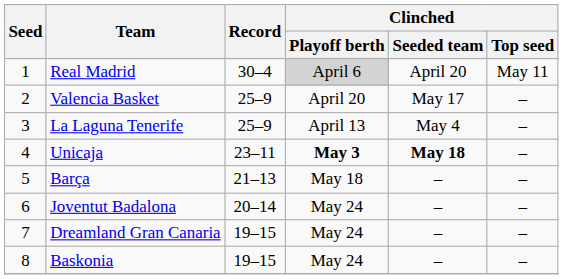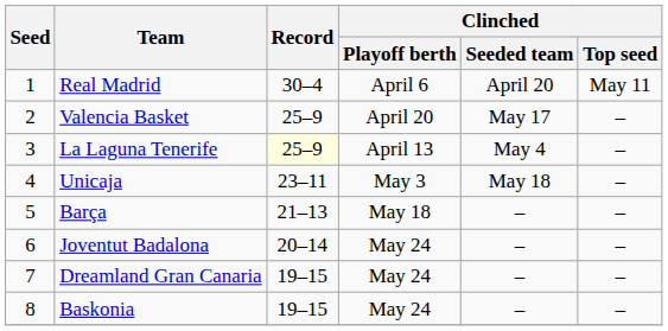 <table class="wikitable" style="text-align:center">
 <tr>
 <th rowspan="2">Seed</th>
 <th rowspan="2">Team</th>
 <th rowspan="2">Record</th>
 <th colspan="3">Clinched</th>
 </tr>
 <tr>
 <th>Playoff berth</th>
 <th>Seeded team</th>
 <th>Top seed</th>
 </tr>
 <tr>
 <td>1</td>
 <td style="text-align:left;"><a href='#'>Real Madrid</a></td>
 <td>30–4</td>
-<td style="background: lightgrey;">April 6</td>
+<td>April 6</td>
 <td>April 20</td>
 <td>May 11</td>
 </tr>
 <tr>
 <td>2</td>
 <td style="text-align:left;"><a href='#'>Valencia Basket</a></td>
 <td>25–9</td>
 <td>April 20</td>
 <td>May 17</td>
 <td>–</td>
 </tr>
 <tr>
 <td>3</td>
 <td style="text-align:left;"><a href='#'>La Laguna Tenerife</a></td>
-<td>25–9</td>
+<td style="background: lightyellow;">25–9</td>
 <td>April 13</td>
 <td>May 4</td>
 <td>–</td>
 </tr>
 <tr>
 <td>4</td>
 <td style="text-align:left;"><a href='#'>Unicaja</a></td>
 <td>23–11</td>
-<td><strong>May 3</strong></td>
-<td><strong>May 18</strong></td>
+<td>May 3</td>
+<td>May 18</td>
 <td>–</td>
 </tr>
 <tr>
 <td>5</td>
 <td style="text-align:left;"><a href='#'>Barça</a></td>
 <td>21–13</td>
 <td>May 18</td>
 <td>–</td>
 <td>–</td>
 </tr>
 <tr>
 <td>6</td>
 <td style="text-align:left;"><a href='#'>Joventut Badalona</a></td>
 <td>20–14</td>
 <td>May 24</td>
 <td>–</td>
 <td>–</td>
 </tr>
 <tr>
 <td>7</td>
 <td style="text-align:left;"><a href='#'>Dreamland Gran Canaria</a></td>
 <td>19–15</td>
 <td>May 24</td>
 <td>–</td>
 <td>–</td>
 </tr>
 <tr>
 <td>8</td>
 <td style="text-align:left;"><a href='#'>Baskonia</a></td>
 <td>19–15</td>
 <td>May 24</td>
 <td>–</td>
 <td>–</td>
 </tr>
 <tr>
 </tr>
 </table>
